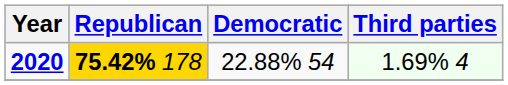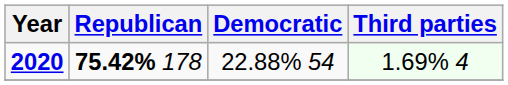 <table class="wikitable" style="float:right; font-size:95%;">
 <tr bgcolor=lightgrey>
 <th>Year</th>
 <th><a href='#'>Republican</a></th>
 <th><a href='#'>Democratic</a></th>
 <th><a href='#'>Third parties</a></th>
 </tr>
 <tr>
 <td style="text-align:center;" ><strong><a href='#'>2020</a></strong></td>
-<td style="background: gold; text-align:center;" ><strong>75.42%</strong> <em>178</em></td>
+<td style="text-align:center;" ><strong>75.42%</strong> <em>178</em></td>
 <td style="text-align:center;" >22.88% <em>54</em></td>
 <td style="text-align:center; background:honeyDew;">1.69% <em>4</em></td>
 </tr>
 <tr>
 </tr>
 </table>
